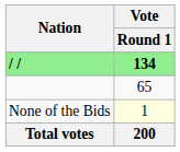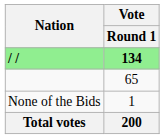 <table class="wikitable" style="margin: 0 auto;text-align: center">
 <tr>
 <th rowspan="2">Nation</th>
 <th colspan="2">Vote</th>
 </tr>
 <tr>
 <th>Round 1</th>
 </tr>
 <tr style="background:#90ee90">
 <td align=left><strong> /  / </strong></td>
 <td><strong>134</strong></td>
 </tr>
 <tr>
 <td align=left></td>
 <td>65</td>
 </tr>
 <tr>
 <td align=left>None of the Bids</td>
-<td style="background: lightyellow;">1</td>
+<td>1</td>
 </tr>
 <tr>
 <th align=left>Total votes</th>
 <th>200</th>
 </tr>
 </table>
